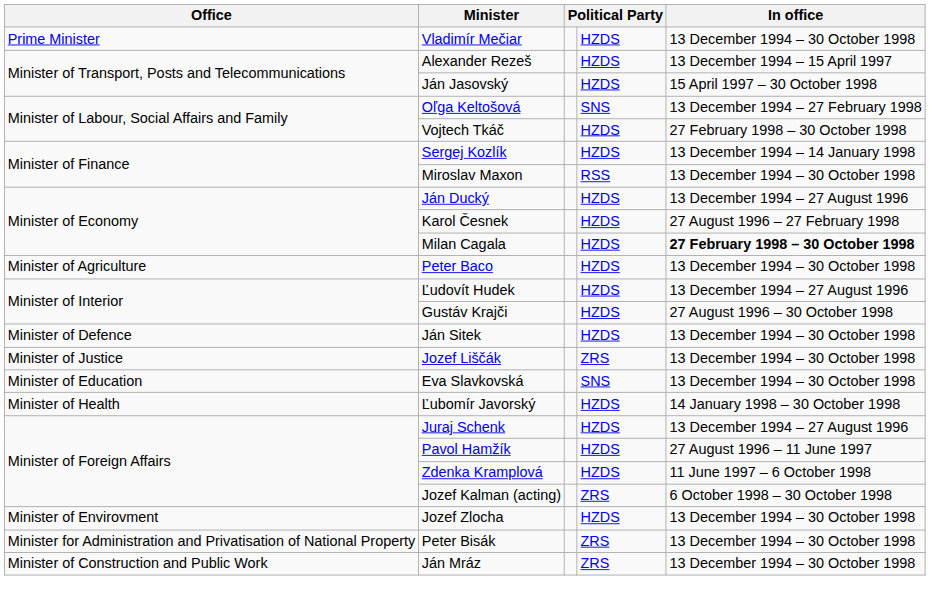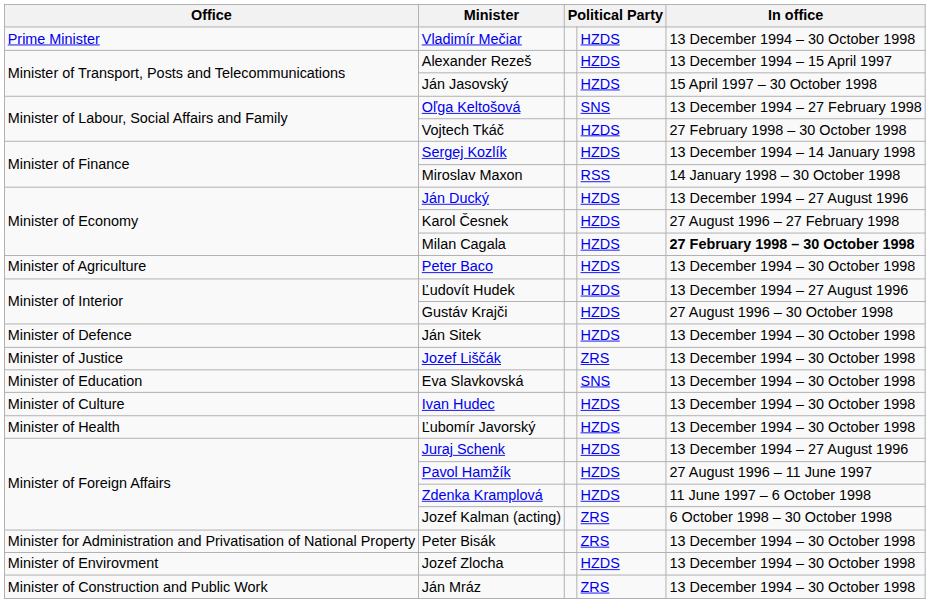 <table class="wikitable">
 <tr>
 <th>Office</th>
 <th>Minister</th>
 <th colspan="2">Political Party</th>
 <th>In office</th>
 </tr>
 <tr>
 <td><a href='#'>Prime Minister</a></td>
 <td><a href='#'>Vladimír Mečiar</a></td>
 <td style="background-color: "></td>
 <td><a href='#'>HZDS</a></td>
 <td>13 December 1994 – 30 October 1998</td>
 </tr>
 <tr>
 <td rowspan="2">Minister of Transport, Posts and Telecommunications</td>
 <td>Alexander Rezeš</td>
 <td style="background-color: "></td>
 <td><a href='#'>HZDS</a></td>
 <td>13 December 1994 – 15 April 1997</td>
 </tr>
 <tr>
 <td>Ján Jasovský</td>
 <td style="background-color: "></td>
 <td><a href='#'>HZDS</a></td>
 <td>15 April 1997 – 30 October 1998</td>
 </tr>
 <tr>
 <td rowspan="2">Minister of Labour, Social Affairs and Family</td>
 <td><a href='#'>Oľga Keltošová</a></td>
 <td style="background-color: "></td>
 <td><a href='#'>SNS</a></td>
 <td>13 December 1994 – 27 February 1998</td>
 </tr>
 <tr>
 <td>Vojtech Tkáč</td>
 <td style="background-color: "></td>
 <td><a href='#'>HZDS</a></td>
 <td>27 February 1998 – 30 October 1998</td>
 </tr>
 <tr>
 <td rowspan="2">Minister of Finance</td>
 <td><a href='#'>Sergej Kozlík</a></td>
 <td style="background-color: "></td>
 <td><a href='#'>HZDS</a></td>
 <td>13 December 1994 – 14 January 1998</td>
 </tr>
 <tr>
 <td>Miroslav Maxon</td>
 <td style="background-color: "></td>
 <td><a href='#'>RSS</a></td>
-<td>13 December 1994 – 30 October 1998</td>
+<td>14 January 1998 – 30 October 1998</td>
 </tr>
 <tr>
 <td rowspan="3">Minister of Economy</td>
 <td><a href='#'>Ján Ducký</a></td>
 <td style="background-color: "></td>
 <td><a href='#'>HZDS</a></td>
 <td>13 December 1994 – 27 August 1996</td>
 </tr>
 <tr>
 <td>Karol Česnek</td>
 <td style="background-color: "></td>
 <td><a href='#'>HZDS</a></td>
 <td>27 August 1996 – 27 February 1998</td>
 </tr>
 <tr>
 <td>Milan Cagala</td>
 <td style="background-color: "></td>
 <td><a href='#'>HZDS</a></td>
 <td><strong>27 February 1998 – 30 October 1998</strong></td>
 </tr>
 <tr>
 <td>Minister of Agriculture</td>
 <td><a href='#'>Peter Baco</a></td>
 <td style="background-color: "></td>
 <td><a href='#'>HZDS</a></td>
 <td>13 December 1994 – 30 October 1998</td>
 </tr>
 <tr>
 <td rowspan="2">Minister of Interior</td>
 <td>Ľudovít Hudek</td>
 <td style="background-color: "></td>
 <td><a href='#'>HZDS</a></td>
 <td>13 December 1994 – 27 August 1996</td>
 </tr>
 <tr>
 <td>Gustáv Krajči</td>
 <td style="background-color: "></td>
 <td><a href='#'>HZDS</a></td>
 <td>27 August 1996 – 30 October 1998</td>
 </tr>
 <tr>
 <td>Minister of Defence</td>
 <td>Ján Sitek</td>
 <td style="background-color: "></td>
 <td><a href='#'>HZDS</a></td>
 <td>13 December 1994 – 30 October 1998</td>
 </tr>
 <tr>
 <td>Minister of Justice</td>
 <td><a href='#'>Jozef Liščák</a></td>
 <td style="background-color: "></td>
 <td><a href='#'>ZRS</a></td>
 <td>13 December 1994 – 30 October 1998</td>
 </tr>
 <tr>
 <td>Minister of Education</td>
 <td>Eva Slavkovská</td>
 <td style="background-color: "></td>
 <td><a href='#'>SNS</a></td>
 <td>13 December 1994 – 30 October 1998</td>
 </tr>
 <tr>
+<td>Minister of Culture</td>
+<td><a href='#'>Ivan Hudec</a></td>
+<td style="background-color: "></td>
+<td><a href='#'>HZDS</a></td>
+<td>13 December 1994 – 30 October 1998</td>
+</tr>
+<tr>
 <td>Minister of Health</td>
 <td>Ľubomír Javorský</td>
 <td style="background-color: "></td>
 <td><a href='#'>HZDS</a></td>
-<td>14 January 1998 – 30 October 1998</td>
+<td>13 December 1994 – 30 October 1998</td>
 </tr>
 <tr>
 <td rowspan="4">Minister of Foreign Affairs</td>
 <td><a href='#'>Juraj Schenk</a></td>
 <td style="background-color: "></td>
 <td><a href='#'>HZDS</a></td>
 <td>13 December 1994 – 27 August 1996</td>
 </tr>
 <tr>
 <td><a href='#'>Pavol Hamžík</a></td>
 <td style="background-color: "></td>
 <td><a href='#'>HZDS</a></td>
 <td>27 August 1996 – 11 June 1997</td>
 </tr>
 <tr>
 <td><a href='#'>Zdenka Kramplová</a></td>
 <td style="background-color: "></td>
 <td><a href='#'>HZDS</a></td>
 <td>11 June 1997 – 6 October 1998</td>
 </tr>
 <tr>
 <td>Jozef Kalman (acting)</td>
 <td style="background-color: "></td>
 <td><a href='#'>ZRS</a></td>
 <td>6 October 1998 – 30 October 1998</td>
 </tr>
 <tr>
+<td>Minister for Administration and Privatisation of National Property</td>
+<td>Peter Bisák</td>
+<td style="background-color: "></td>
+<td><a href='#'>ZRS</a></td>
+<td>13 December 1994 – 30 October 1998</td>
+</tr>
+<tr>
 <td>Minister of Envirovment</td>
 <td>Jozef Zlocha</td>
 <td style="background-color: "></td>
 <td><a href='#'>HZDS</a></td>
-<td>13 December 1994 – 30 October 1998</td>
-</tr>
-<tr>
-<td>Minister for Administration and Privatisation of National Property</td>
-<td>Peter Bisák</td>
-<td style="background-color: "></td>
-<td><a href='#'>ZRS</a></td>
 <td>13 December 1994 – 30 October 1998</td>
 </tr>
 <tr>
 <td>Minister of Construction and Public Work</td>
 <td>Ján Mráz</td>
 <td style="background-color: "></td>
 <td><a href='#'>ZRS</a></td>
 <td>13 December 1994 – 30 October 1998</td>
 </tr>
 </table>
